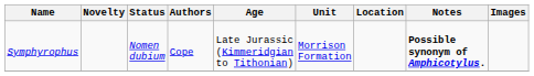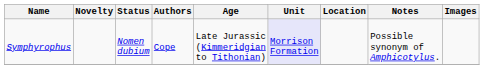 <table class="wikitable sortable" align="center" width="100%">
 <tr>
 <th>Name</th>
 <th>Novelty</th>
 <th>Status</th>
 <th>Authors</th>
 <th>Age</th>
 <th>Unit</th>
 <th>Location</th>
 <th>Notes</th>
 <th>Images</th>
 </tr>
 <tr>
 <td><br><em><a href='#'>Symphyrophus</a></em></td>
 <td></td>
 <td><br><em><a href='#'>Nomen dubium</a></em></td>
 <td><br><a href='#'>Cope</a></td>
 <td><br>Late Jurassic (<a href='#'>Kimmeridgian</a> to <a href='#'>Tithonian</a>)</td>
-<td><br><a href='#'>Morrison Formation</a></td>
+<td style="background: lavender;"><br><a href='#'>Morrison Formation</a></td>
 <td><br></td>
-<td><strong><br>Possible synonym of <em><a href='#'>Amphicotylus</a></em>.</strong></td>
+<td><br>Possible synonym of <em><a href='#'>Amphicotylus</a></em>.</td>
 <td></td>
 </tr>
 <tr>
 </tr>
 </table>
